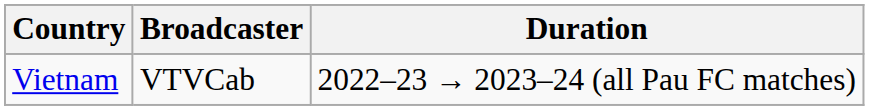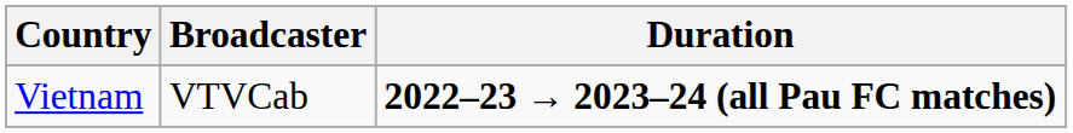 <table class="wikitable">
 <tr>
 <th>Country</th>
 <th>Broadcaster</th>
 <th>Duration</th>
 </tr>
 <tr>
 <td><a href='#'>Vietnam</a></td>
 <td>VTVCab</td>
-<td>2022–23 → 2023–24 (all Pau FC matches)</td>
+<td><strong>2022–23 → 2023–24 (all Pau FC matches)</strong></td>
 </tr>
 </table>
